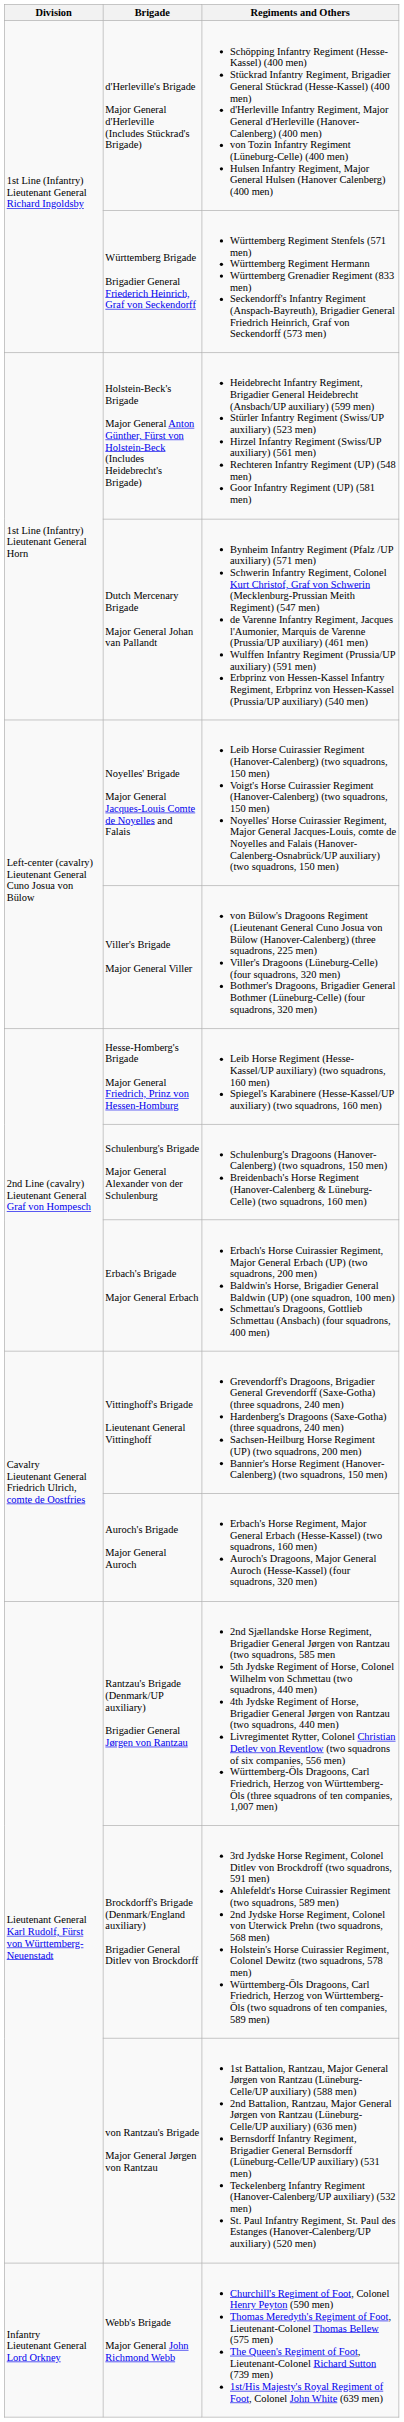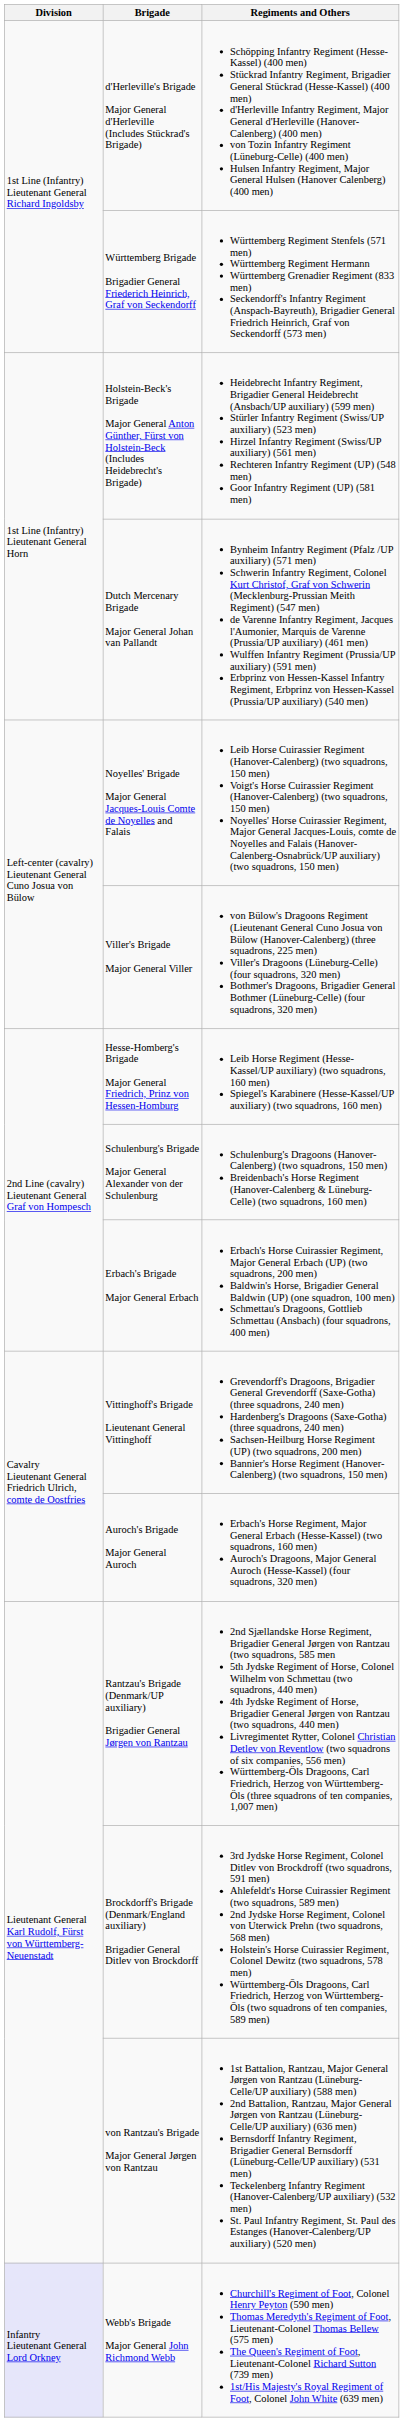 <table class="wikitable">
 <tr>
 <th width=25%>Division</th>
 <th width=25%>Brigade</th>
 <th>Regiments and Others</th>
 </tr>
 <tr>
 <td rowspan=2><br>1st Line (Infantry) <br> Lieutenant General <a href='#'>Richard Ingoldsby</a></td>
 <td>d'Herleville's Brigade<br><br> Major General d'Herleville <br> (Includes Stückrad's Brigade)</td>
 <td><br><ul><li>Schöpping Infantry Regiment (Hesse-Kassel) (400 men)</li><li>Stückrad Infantry Regiment, Brigadier General Stückrad (Hesse-Kassel) (400 men)</li><li>d'Herleville Infantry Regiment, Major General d'Herleville (Hanover-Calenberg) (400 men)</li><li>von Tozin Infantry Regiment (Lüneburg-Celle) (400 men)</li><li>Hulsen Infantry Regiment, Major General Hulsen (Hanover Calenberg) (400 men)</li></ul></td>
 </tr>
 <tr>
 <td>Württemberg Brigade<br><br> Brigadier General <a href='#'>Friederich Heinrich, Graf von Seckendorff</a></td>
 <td><br><ul><li>Württemberg Regiment Stenfels (571 men)</li><li>Württemberg Regiment Hermann</li><li>Württemberg Grenadier Regiment (833 men)</li><li>Seckendorff's Infantry Regiment (Anspach-Bayreuth), Brigadier General Friedrich Heinrich, Graf von Seckendorff (573 men)</li></ul></td>
 </tr>
 <tr>
 <td rowspan=2><br>1st Line (Infantry) <br> Lieutenant General Horn</td>
 <td>Holstein-Beck's Brigade<br><br> Major General <a href='#'>Anton Günther, Fürst von Holstein-Beck</a> <br> (Includes Heidebrecht's Brigade)</td>
 <td><br><ul><li>Heidebrecht Infantry Regiment, Brigadier General Heidebrecht (Ansbach/UP auxiliary) (599 men)</li><li>Stürler Infantry Regiment (Swiss/UP auxiliary) (523 men)</li><li>Hirzel Infantry Regiment (Swiss/UP auxiliary) (561 men)</li><li>Rechteren Infantry Regiment (UP) (548 men)</li><li>Goor Infantry Regiment (UP) (581 men)</li></ul></td>
 </tr>
 <tr>
 <td>Dutch Mercenary Brigade<br><br> Major General Johan van Pallandt</td>
 <td><br><ul><li>Bynheim Infantry Regiment (Pfalz /UP auxiliary) (571 men)</li><li>Schwerin Infantry Regiment, Colonel <a href='#'>Kurt Christof, Graf von Schwerin</a> (Mecklenburg-Prussian Meith Regiment) (547 men)</li><li>de Varenne Infantry Regiment, Jacques l'Aumonier, Marquis de Varenne (Prussia/UP auxiliary) (461 men)</li><li>Wulffen Infantry Regiment (Prussia/UP auxiliary) (591 men)</li><li>Erbprinz von Hessen-Kassel Infantry Regiment, Erbprinz von Hessen-Kassel (Prussia/UP auxiliary) (540 men)</li></ul></td>
 </tr>
 <tr>
 <td rowspan=2><br>Left-center (cavalry) <br> Lieutenant General Cuno Josua von Bülow</td>
 <td>Noyelles' Brigade<br><br> Major General <a href='#'>Jacques-Louis Comte de Noyelles</a> and Falais</td>
 <td><br><ul><li>Leib Horse Cuirassier Regiment (Hanover-Calenberg) (two squadrons, 150 men)</li><li>Voigt's Horse Cuirassier Regiment (Hanover-Calenberg) (two squadrons, 150 men)</li><li>Noyelles' Horse Cuirassier Regiment, Major General Jacques-Louis, comte de Noyelles and Falais (Hanover-Calenberg-Osnabrück/UP auxiliary) (two squadrons, 150 men)</li></ul></td>
 </tr>
 <tr>
 <td>Viller's Brigade<br><br> Major General Viller</td>
 <td><br><ul><li>von Bülow's Dragoons Regiment (Lieutenant General Cuno Josua von Bülow (Hanover-Calenberg) (three squadrons, 225 men)</li><li>Viller's Dragoons (Lüneburg-Celle) (four squadrons, 320 men)</li><li>Bothmer's Dragoons, Brigadier General Bothmer (Lüneburg-Celle) (four squadrons, 320 men)</li></ul></td>
 </tr>
 <tr>
 <td rowspan=3><br>2nd Line (cavalry) <br> Lieutenant General <a href='#'>Graf von Hompesch</a></td>
 <td>Hesse-Homberg's Brigade<br><br> Major General <a href='#'>Friedrich, Prinz von Hessen-Homburg</a></td>
 <td><br><ul><li>Leib Horse Regiment (Hesse-Kassel/UP auxiliary) (two squadrons, 160 men)</li><li>Spiegel's Karabinere (Hesse-Kassel/UP auxiliary) (two squadrons, 160 men)</li></ul></td>
 </tr>
 <tr>
 <td>Schulenburg's Brigade<br><br> Major General Alexander von der Schulenburg</td>
 <td><br><ul><li>Schulenburg's Dragoons (Hanover-Calenberg) (two squadrons, 150 men)</li><li>Breidenbach's Horse Regiment (Hanover-Calenberg & Lüneburg-Celle) (two squadrons, 160 men)</li></ul></td>
 </tr>
 <tr>
 <td>Erbach's Brigade<br><br> Major General Erbach</td>
 <td><br><ul><li>Erbach's Horse Cuirassier Regiment, Major General Erbach (UP) (two squadrons, 200 men)</li><li>Baldwin's Horse, Brigadier General Baldwin (UP) (one squadron, 100 men)</li><li>Schmettau's Dragoons, Gottlieb Schmettau (Ansbach) (four squadrons, 400 men)</li></ul></td>
 </tr>
 <tr>
 <td rowspan=2><br>Cavalry <br> Lieutenant General Friedrich Ulrich, <a href='#'>comte de Oostfries</a></td>
 <td>Vittinghoff's Brigade<br><br> Lieutenant General Vittinghoff</td>
 <td><br><ul><li>Grevendorff's Dragoons, Brigadier General Grevendorff (Saxe-Gotha) (three squadrons, 240 men)</li><li>Hardenberg's Dragoons (Saxe-Gotha) (three squadrons, 240 men)</li><li>Sachsen-Heilburg Horse Regiment (UP) (two squadrons, 200 men)</li><li>Bannier's Horse Regiment (Hanover-Calenberg) (two squadrons, 150 men)</li></ul></td>
 </tr>
 <tr>
 <td>Auroch's Brigade<br><br> Major General Auroch</td>
 <td><br><ul><li>Erbach's Horse Regiment, Major General Erbach (Hesse-Kassel) (two squadrons, 160 men)</li><li>Auroch's Dragoons, Major General Auroch (Hesse-Kassel) (four squadrons, 320 men)</li></ul></td>
 </tr>
 <tr>
 <td rowspan=3><br>Lieutenant General <a href='#'>Karl Rudolf, Fürst von Württemberg-Neuenstadt</a></td>
 <td>Rantzau's Brigade (Denmark/UP auxiliary)<br><br> Brigadier General <a href='#'>Jørgen von Rantzau</a></td>
 <td><br><ul><li>2nd Sjællandske Horse Regiment, Brigadier General Jørgen von Rantzau (two squadrons, 585 men</li><li>5th Jydske Regiment of Horse, Colonel Wilhelm von Schmettau (two squadrons, 440 men)</li><li>4th Jydske Regiment of Horse, Brigadier General Jørgen von Rantzau (two squadrons, 440 men)</li><li>Livregimentet Rytter, Colonel <a href='#'>Christian Detlev von Reventlow</a> (two squadrons of six companies, 556 men)</li><li>Württemberg-Öls Dragoons, Carl Friedrich, Herzog von Württemberg-Öls (three squadrons of ten companies, 1,007 men)</li></ul></td>
 </tr>
 <tr>
 <td>Brockdorff's Brigade (Denmark/England auxiliary)<br><br> Brigadier General Ditlev von Brockdorff</td>
 <td><br><ul><li>3rd Jydske Horse Regiment, Colonel Ditlev von Brockdroff (two squadrons, 591 men)</li><li>Ahlefeldt's Horse Cuirassier Regiment (two squadrons, 589 men)</li><li>2nd Jydske Horse Regiment, Colonel von Uterwick Prehn (two squadrons, 568 men)</li><li>Holstein's Horse Cuirassier Regiment, Colonel Dewitz (two squadrons, 578 men)</li><li>Württemberg-Ōls Dragoons, Carl Friedrich, Herzog von Württemberg-Ōls (two squadrons of ten companies, 589 men)</li></ul></td>
 </tr>
 <tr>
 <td>von Rantzau's Brigade<br><br> Major General Jørgen von Rantzau</td>
 <td><br><ul><li>1st Battalion, Rantzau, Major General Jørgen von Rantzau (Lüneburg-Celle/UP auxiliary) (588 men)</li><li>2nd Battalion, Rantzau, Major General Jørgen von Rantzau (Lüneburg-Celle/UP auxiliary) (636 men)</li><li>Bernsdorff Infantry Regiment, Brigadier General Bernsdorff (Lüneburg-Celle/UP auxiliary) (531 men)</li><li>Teckelenberg Infantry Regiment (Hanover-Calenberg/UP auxiliary) (532 men)</li><li>St. Paul Infantry Regiment, St. Paul des Estanges (Hanover-Calenberg/UP auxiliary) (520 men)</li></ul></td>
 </tr>
 <tr>
-<td rowspan=1><br>Infantry <br>  Lieutenant General <a href='#'>Lord Orkney</a></td>
+<td rowspan=1 style="background: lavender;"><br>Infantry <br>  Lieutenant General <a href='#'>Lord Orkney</a></td>
 <td>Webb's Brigade<br><br>Major General <a href='#'>John Richmond Webb</a></td>
 <td><br><ul><li><a href='#'>Churchill's Regiment of Foot</a>, Colonel <a href='#'>Henry Peyton</a> (590 men)</li><li><a href='#'>Thomas Meredyth's Regiment of Foot</a>, Lieutenant-Colonel <a href='#'>Thomas Bellew</a> (575 men)</li><li><a href='#'>The Queen's Regiment of Foot</a>, Lieutenant-Colonel <a href='#'>Richard Sutton</a> (739 men)</li><li><a href='#'>1st/His Majesty's Royal Regiment of Foot</a>, Colonel <a href='#'>John White</a> (639 men)</li></ul></td>
 </tr>
 </table>
